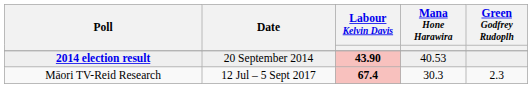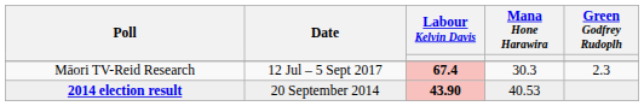 <table class="wikitable" style="font-size:90%; line-height:14px; text-align:center">
 <tr>
 <th style="width:240px;" rowspan="2">Poll</th>
 <th style="width:160px;" rowspan="2">Date </th>
 <th style="width:75px;"  bgcolor=><a href='#'>Labour</a><br><small><em><a href='#'>Kelvin Davis</a></em></small></th>
 <th style="width:75px;"  bgcolor=><a href='#'>Mana</a><br><small><em>Hone Harawira</em></small></th>
 <th style="width:70px;" r bgcolor=><a href='#'>Green</a><br><small><em>Godfrey Rudoplh</em></small></th>
 </tr>
 <tr>
 <th class="unsortable" style="color:inherit;background:"></th>
 <th class="unsortable" style="color:inherit;background:"></th>
 <th class="unsortable" style="color:inherit;background:"></th>
 </tr>
 <tr>
 </tr>
+<tr>
+<td>Māori TV-Reid Research</td>
+<td>12 Jul – 5 Sept 2017</td>
+<td style="background:#F8C1BE"><strong>67.4</strong></td>
+<td>30.3</td>
+<td>2.3</td>
+</tr>
 <tr style="background:#EFEFEF; font-weight:italic;">
 <td><strong><a href='#'>2014 election result</a></strong></td>
 <td>20 September 2014</td>
 <td style="background:#F8C1BE"><strong>43.90</strong></td>
 <td>40.53</td>
 <td></td>
 </tr>
-<tr>
-<td>Māori TV-Reid Research</td>
-<td>12 Jul – 5 Sept 2017</td>
-<td style="background:#F8C1BE"><strong>67.4</strong></td>
-<td>30.3</td>
-<td>2.3</td>
-</tr>
 </table>
